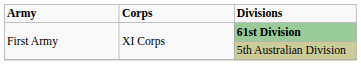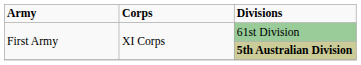 <table class="wikitable">
 <tr>
 <td width="150pt"><strong>Army</strong></td>
 <td width="150pt"><strong>Corps</strong></td>
 <td width="160pt"><strong>Divisions</strong></td>
 </tr>
 <tr>
 <td rowspan="2">First Army</td>
 <td rowspan="2">XI Corps</td>
-<td style="background:#99CC99"><strong>61st Division</strong></td>
+<td style="background:#99CC99">61st Division</td>
 </tr>
 <tr>
-<td style="background:#CCCC99;">5th Australian Division</td>
+<td style="background:#CCCC99;"><strong>5th Australian Division</strong></td>
 </tr>
 <tr>
 </tr>
 </table>
